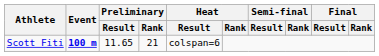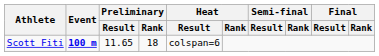 <table class=wikitable style=font-size:90%>
 <tr>
 <th rowspan=2>Athlete</th>
 <th rowspan=2>Event</th>
 <th colspan=2>Preliminary</th>
 <th colspan=2>Heat</th>
 <th colspan=2>Semi-final</th>
 <th colspan=2>Final</th>
 </tr>
 <tr style=font-size:95%>
 <th>Result</th>
 <th>Rank</th>
 <th>Result</th>
 <th>Rank</th>
 <th>Result</th>
 <th>Rank</th>
 <th>Result</th>
 <th>Rank</th>
 </tr>
 <tr align=center>
 <td align=left><a href='#'>Scott Fiti</a></td>
 <td align=left><strong><a href='#'>100 m</a></strong></td>
 <td>11.65</td>
-<td>21</td>
+<td>18</td>
 <td>colspan=6 </td>
 </tr>
 </table>
